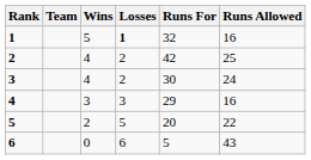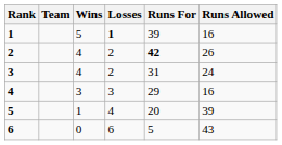 <table class="wikitable">
 <tr>
 <th>Rank</th>
 <th>Team</th>
 <th>Wins</th>
 <th>Losses</th>
 <th>Runs For</th>
 <th>Runs Allowed</th>
 </tr>
 <tr>
 <td><strong>1</strong></td>
 <td></td>
 <td>5</td>
 <td><strong>1</strong></td>
-<td>32</td>
+<td>39</td>
 <td>16</td>
 </tr>
 <tr>
 <td><strong>2</strong></td>
 <td></td>
 <td>4</td>
 <td>2</td>
-<td>42</td>
-<td>25</td>
+<td><strong>42</strong></td>
+<td>26</td>
 </tr>
 <tr>
 <td><strong>3</strong></td>
 <td></td>
 <td>4</td>
 <td>2</td>
-<td>30</td>
+<td>31</td>
 <td>24</td>
 </tr>
 <tr>
 <td><strong>4</strong></td>
 <td></td>
 <td>3</td>
 <td>3</td>
 <td>29</td>
 <td>16</td>
 </tr>
 <tr>
 <td><strong>5</strong></td>
 <td></td>
-<td>2</td>
-<td>5</td>
+<td>1</td>
+<td>4</td>
 <td>20</td>
-<td>22</td>
+<td>39</td>
 </tr>
 <tr>
 <td><strong>6</strong></td>
 <td></td>
 <td>0</td>
 <td>6</td>
 <td>5</td>
 <td>43</td>
 </tr>
 </table>
